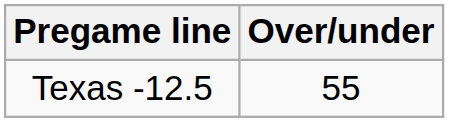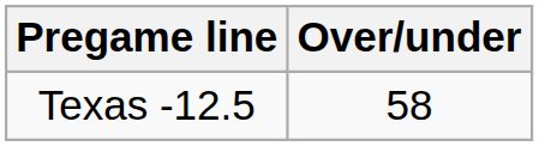 <table class="wikitable" style="margin-left: auto; margin-right: auto; border: none; display: inline-table;">
 <tr align="center">
 <th style=>Pregame line</th>
 <th style=>Over/under</th>
 </tr>
 <tr align="center">
 <td>Texas -12.5</td>
-<td>55</td>
+<td>58</td>
 </tr>
 </table>
